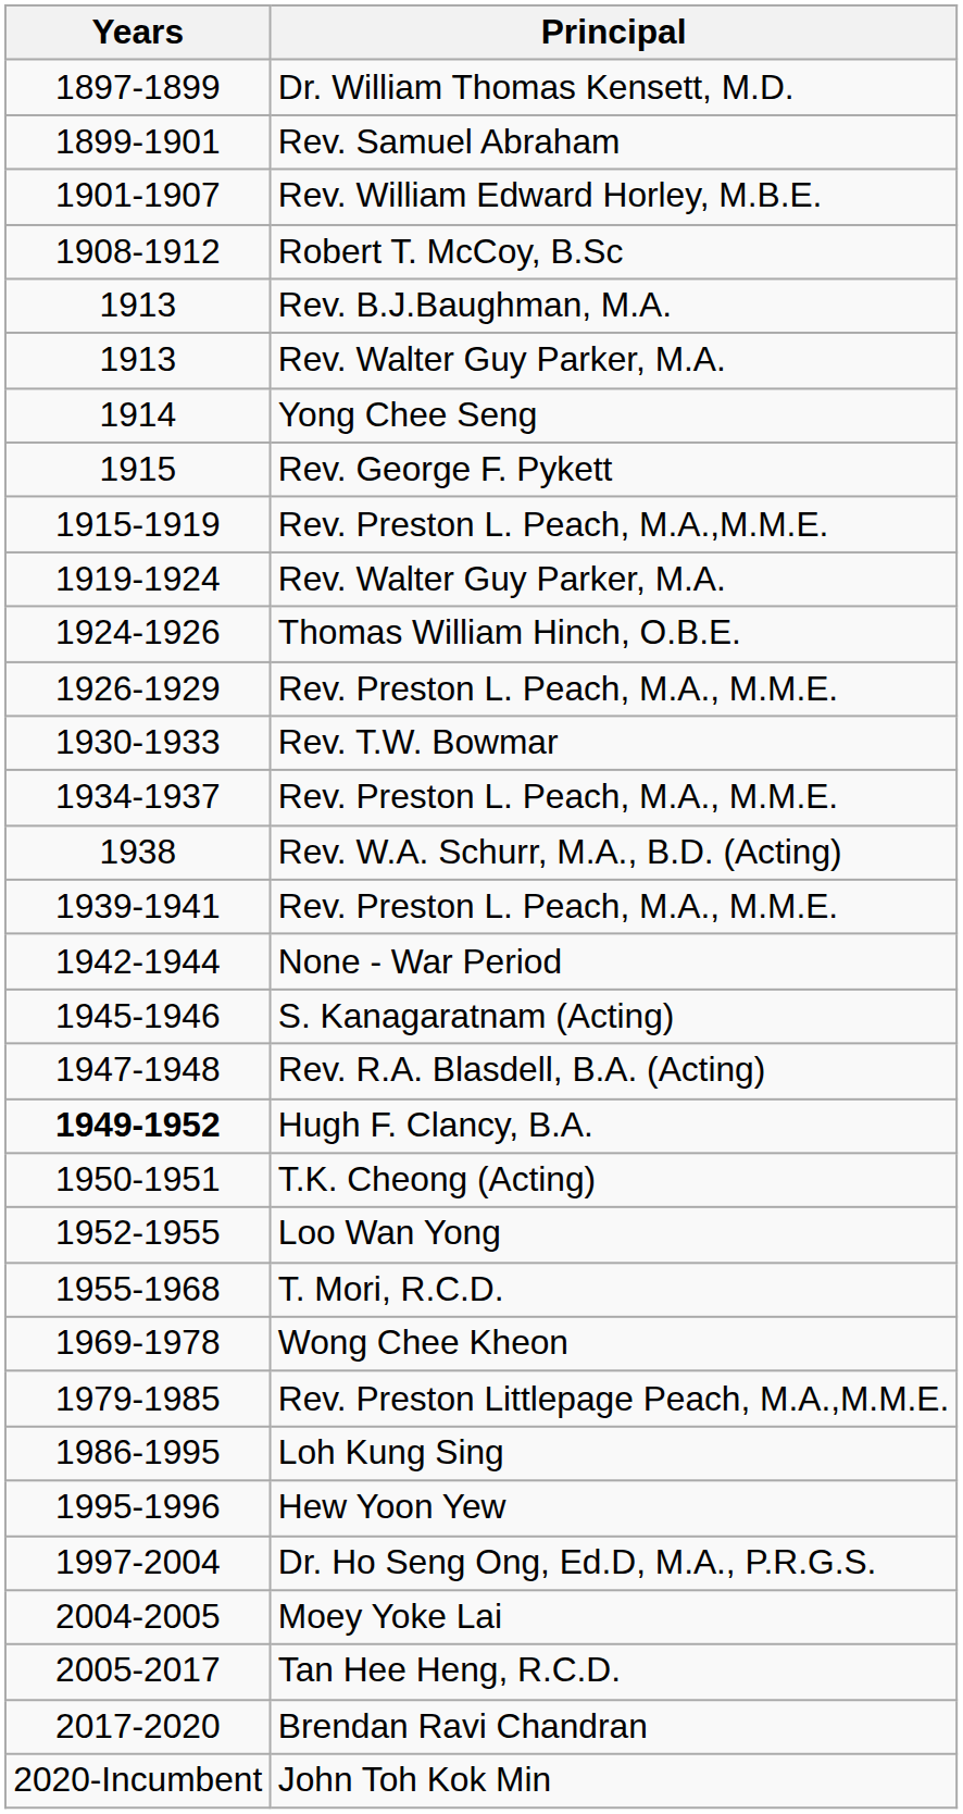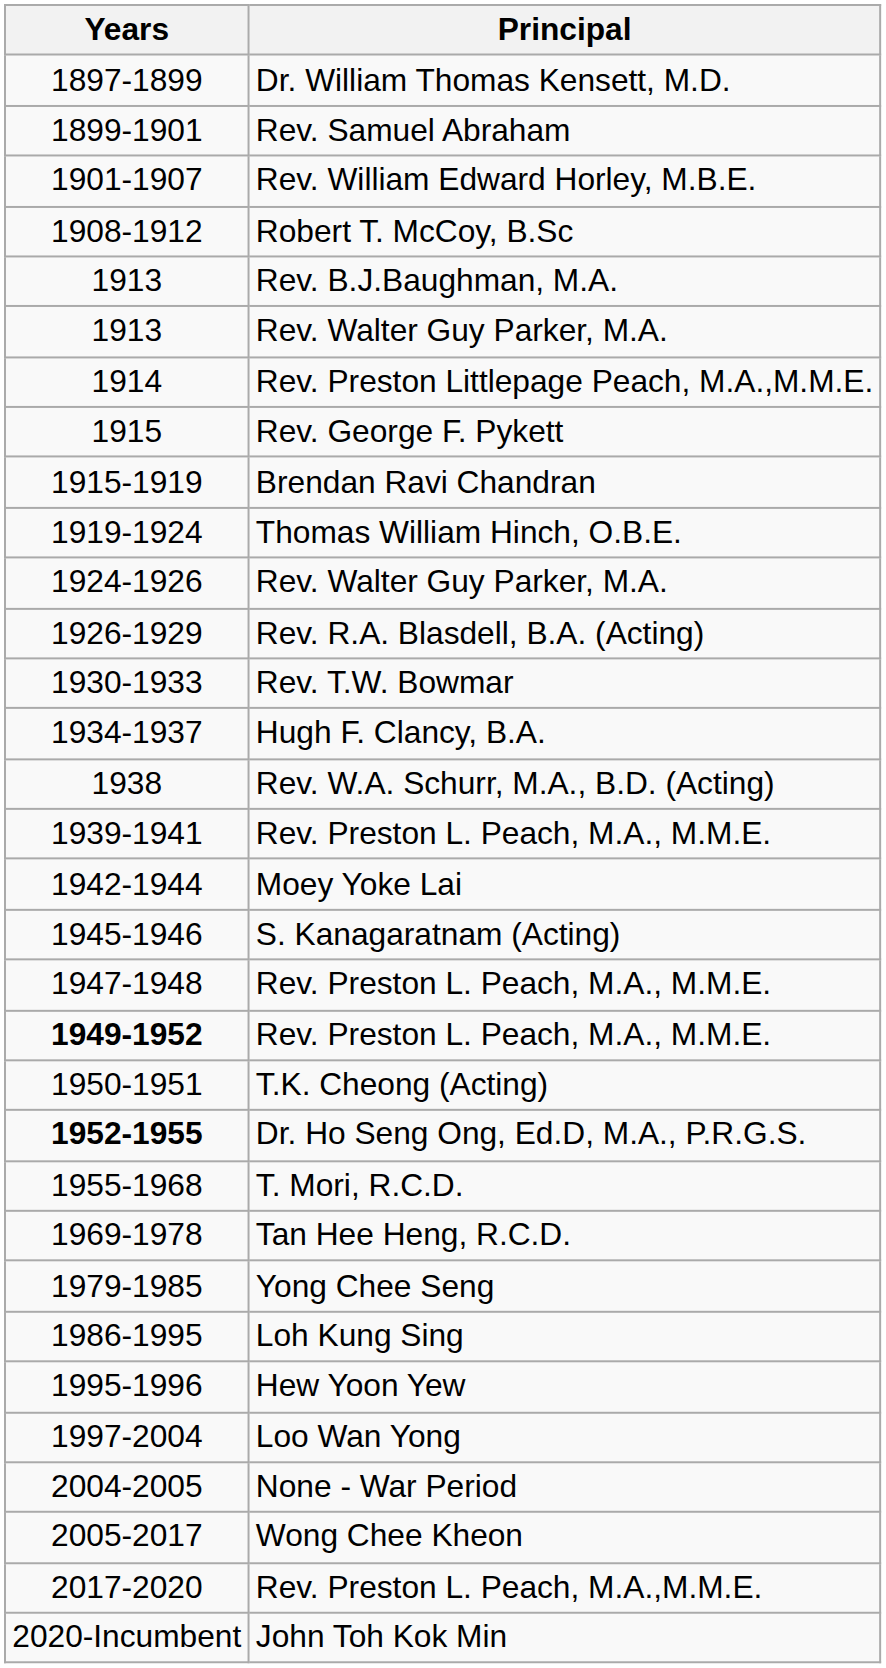 <table class="wikitable">
 <tr>
 <th>Years</th>
 <th>Principal</th>
 </tr>
 <tr>
 <td align="center">1897-1899</td>
 <td>Dr. William Thomas Kensett, M.D.</td>
 </tr>
 <tr>
 <td align="center">1899-1901</td>
 <td>Rev. Samuel Abraham</td>
 </tr>
 <tr>
 <td align="center">1901-1907</td>
 <td>Rev. William Edward Horley, M.B.E.</td>
 </tr>
 <tr>
 <td align="center">1908-1912</td>
 <td>Robert T. McCoy, B.Sc</td>
 </tr>
 <tr>
 <td align="center">1913</td>
 <td>Rev. B.J.Baughman, M.A.</td>
 </tr>
 <tr>
 <td align="center">1913</td>
 <td>Rev. Walter Guy Parker, M.A.</td>
 </tr>
 <tr>
 <td align="center">1914</td>
-<td>Yong Chee Seng</td>
+<td>Rev. Preston Littlepage Peach, M.A.,M.M.E.</td>
 </tr>
 <tr>
 <td align="center">1915</td>
 <td>Rev. George F. Pykett</td>
 </tr>
 <tr>
 <td align="center">1915-1919</td>
-<td>Rev. Preston L. Peach, M.A.,M.M.E.</td>
+<td>Brendan Ravi Chandran</td>
 </tr>
 <tr>
 <td align="center">1919-1924</td>
+<td>Thomas William Hinch, O.B.E.</td>
+</tr>
+<tr>
+<td align="center">1924-1926</td>
 <td>Rev. Walter Guy Parker, M.A.</td>
 </tr>
 <tr>
-<td align="center">1924-1926</td>
-<td>Thomas William Hinch, O.B.E.</td>
-</tr>
-<tr>
 <td align="center">1926-1929</td>
-<td>Rev. Preston L. Peach, M.A., M.M.E.</td>
+<td>Rev. R.A. Blasdell, B.A. (Acting)</td>
 </tr>
 <tr>
 <td align="center">1930-1933</td>
 <td>Rev. T.W. Bowmar</td>
 </tr>
 <tr>
 <td align="center">1934-1937</td>
-<td>Rev. Preston L. Peach, M.A., M.M.E.</td>
+<td>Hugh F. Clancy, B.A.</td>
 </tr>
 <tr>
 <td align="center">1938</td>
 <td>Rev. W.A. Schurr, M.A., B.D. (Acting)</td>
 </tr>
 <tr>
 <td align="center">1939-1941</td>
 <td>Rev. Preston L. Peach, M.A., M.M.E.</td>
 </tr>
 <tr>
 <td align="center">1942-1944</td>
-<td>None - War Period</td>
+<td>Moey Yoke Lai</td>
 </tr>
 <tr>
 <td align="center">1945-1946</td>
 <td>S. Kanagaratnam (Acting)</td>
 </tr>
 <tr>
 <td align="center">1947-1948</td>
-<td>Rev. R.A. Blasdell, B.A. (Acting)</td>
+<td>Rev. Preston L. Peach, M.A., M.M.E.</td>
 </tr>
 <tr>
 <td align="center"><strong>1949-1952</strong></td>
-<td>Hugh F. Clancy, B.A.</td>
+<td>Rev. Preston L. Peach, M.A., M.M.E.</td>
 </tr>
 <tr>
 <td align="center">1950-1951</td>
 <td>T.K. Cheong (Acting)</td>
 </tr>
 <tr>
-<td align="center">1952-1955</td>
-<td>Loo Wan Yong</td>
+<td align="center"><strong>1952-1955</strong></td>
+<td>Dr. Ho Seng Ong, Ed.D, M.A., P.R.G.S.</td>
 </tr>
 <tr>
 <td align="center">1955-1968</td>
 <td>T. Mori, R.C.D.</td>
 </tr>
 <tr>
 <td align="center">1969-1978</td>
-<td>Wong Chee Kheon</td>
+<td>Tan Hee Heng, R.C.D.</td>
 </tr>
 <tr>
 <td align="center">1979-1985</td>
-<td>Rev. Preston Littlepage Peach, M.A.,M.M.E.</td>
+<td>Yong Chee Seng</td>
 </tr>
 <tr>
 <td align="center">1986-1995</td>
 <td>Loh Kung Sing</td>
 </tr>
 <tr>
 <td align="center">1995-1996</td>
 <td>Hew Yoon Yew</td>
 </tr>
 <tr>
 <td align="center">1997-2004</td>
-<td>Dr. Ho Seng Ong, Ed.D, M.A., P.R.G.S.</td>
+<td>Loo Wan Yong</td>
 </tr>
 <tr>
 <td align="center">2004-2005</td>
-<td>Moey Yoke Lai</td>
+<td>None - War Period</td>
 </tr>
 <tr>
 <td align="center">2005-2017</td>
-<td>Tan Hee Heng, R.C.D.</td>
+<td>Wong Chee Kheon</td>
 </tr>
 <tr>
 <td align="center">2017-2020</td>
-<td>Brendan Ravi Chandran</td>
+<td>Rev. Preston L. Peach, M.A.,M.M.E.</td>
 </tr>
 <tr>
 <td align="center">2020-Incumbent</td>
 <td>John Toh Kok Min</td>
 </tr>
 </table>
